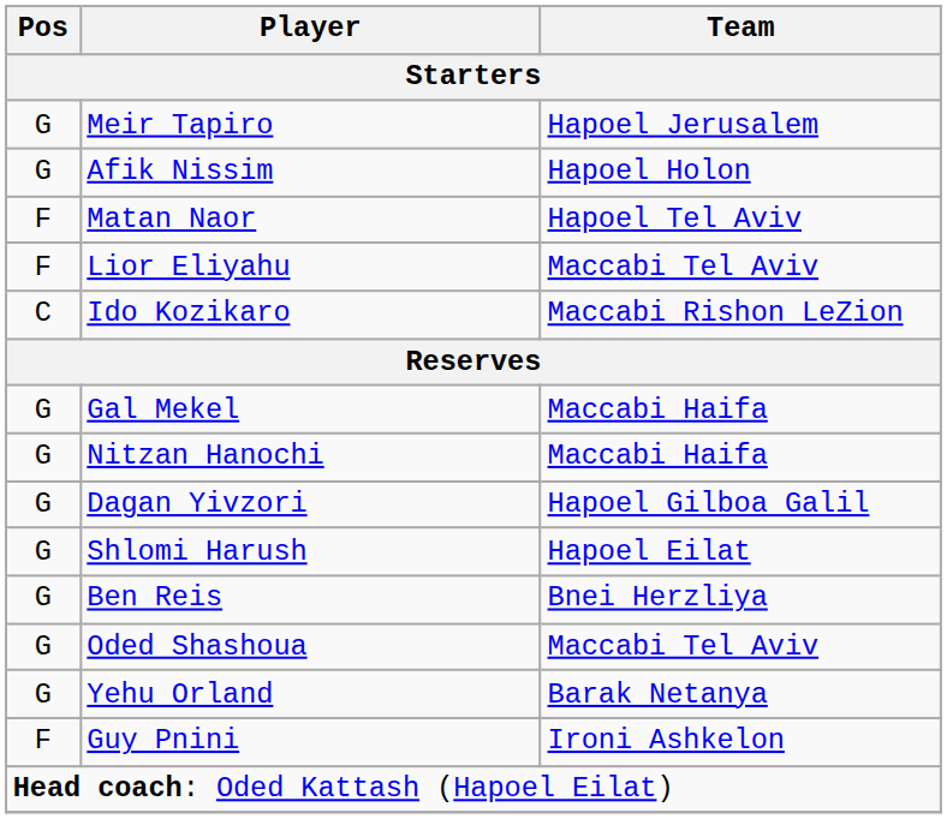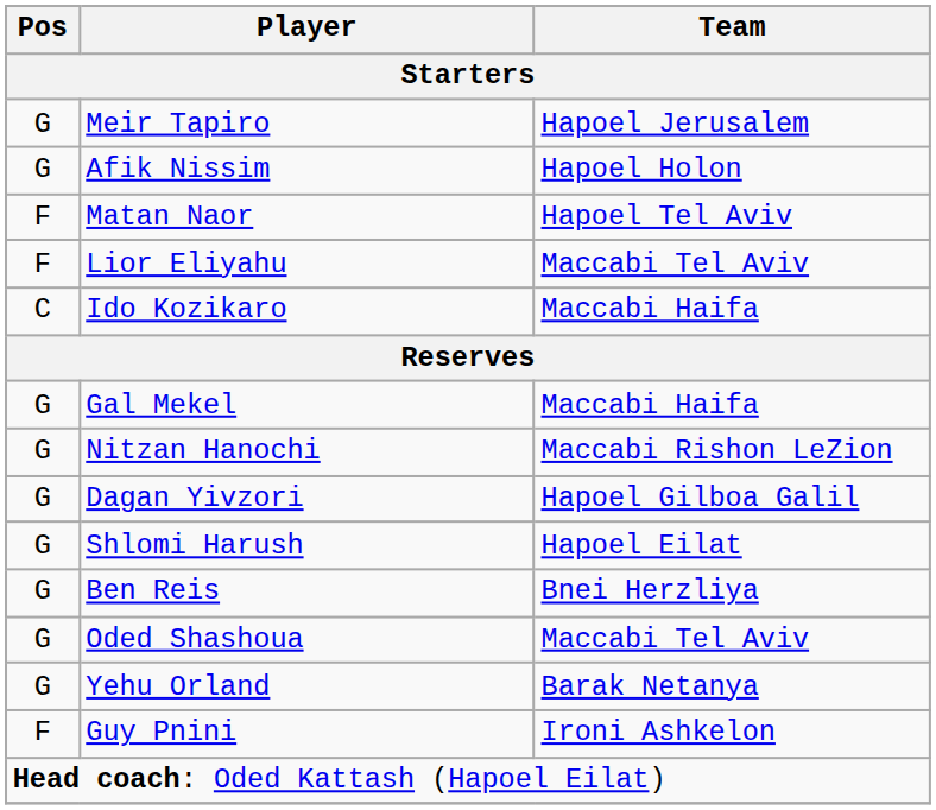 <table class="wikitable" style="text-align:center; font-size:90%">
 <tr>
 <th scope="col" style="width:25px;">Pos</th>
 <th scope="col" style="width:185px;">Player</th>
 <th scope="col" style="width:160px;">Team</th>
 </tr>
 <tr>
 <th scope="col" colspan="5">Starters</th>
 </tr>
 <tr>
 <td>G</td>
 <td style="text-align:left"> <a href='#'>Meir Tapiro</a></td>
 <td style="text-align:left"><a href='#'>Hapoel Jerusalem</a></td>
 </tr>
 <tr>
 <td>G</td>
 <td style="text-align:left"> <a href='#'>Afik Nissim</a></td>
 <td style="text-align:left"><a href='#'>Hapoel Holon</a></td>
 </tr>
 <tr>
 <td>F</td>
 <td style="text-align:left"> <a href='#'>Matan Naor</a></td>
 <td style="text-align:left"><a href='#'>Hapoel Tel Aviv</a></td>
 </tr>
 <tr>
 <td>F</td>
 <td style="text-align:left"> <a href='#'>Lior Eliyahu</a></td>
 <td style="text-align:left"><a href='#'>Maccabi Tel Aviv</a></td>
 </tr>
 <tr>
 <td>C</td>
 <td style="text-align:left"> <a href='#'>Ido Kozikaro</a></td>
-<td style="text-align:left"><a href='#'>Maccabi Rishon LeZion</a></td>
+<td style="text-align:left"><a href='#'>Maccabi Haifa</a></td>
 </tr>
 <tr>
 <th scope="col" colspan="5">Reserves</th>
 </tr>
 <tr>
 <td>G</td>
 <td style="text-align:left"> <a href='#'>Gal Mekel</a></td>
 <td style="text-align:left"><a href='#'>Maccabi Haifa</a></td>
 </tr>
 <tr>
 <td>G</td>
 <td style="text-align:left"> <a href='#'>Nitzan Hanochi</a></td>
-<td style="text-align:left"><a href='#'>Maccabi Haifa</a></td>
+<td style="text-align:left"><a href='#'>Maccabi Rishon LeZion</a></td>
 </tr>
 <tr>
 <td>G</td>
 <td style="text-align:left"> <a href='#'>Dagan Yivzori</a></td>
 <td style="text-align:left"><a href='#'>Hapoel Gilboa Galil</a></td>
 </tr>
 <tr>
 <td>G</td>
 <td style="text-align:left"> <a href='#'>Shlomi Harush</a></td>
 <td style="text-align:left"><a href='#'>Hapoel Eilat</a></td>
 </tr>
 <tr>
 <td>G</td>
 <td style="text-align:left"> <a href='#'>Ben Reis</a></td>
 <td style="text-align:left"><a href='#'>Bnei Herzliya</a></td>
 </tr>
 <tr>
 <td>G</td>
 <td style="text-align:left"> <a href='#'>Oded Shashoua</a></td>
 <td style="text-align:left"><a href='#'>Maccabi Tel Aviv</a></td>
 </tr>
 <tr>
 <td>G</td>
 <td style="text-align:left"> <a href='#'>Yehu Orland</a></td>
 <td style="text-align:left"><a href='#'>Barak Netanya</a></td>
 </tr>
 <tr>
 <td>F</td>
 <td style="text-align:left"> <a href='#'>Guy Pnini</a></td>
 <td style="text-align:left"><a href='#'>Ironi Ashkelon</a></td>
 </tr>
 <tr>
 <td style="text-align:left" colspan="5"><strong>Head coach</strong>:  <a href='#'>Oded Kattash</a> (<a href='#'>Hapoel Eilat</a>)</td>
 </tr>
 <tr>
 </tr>
 </table>
